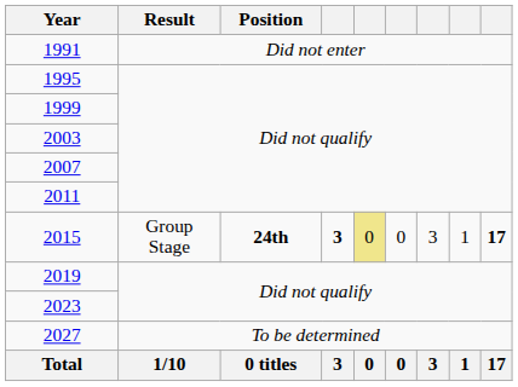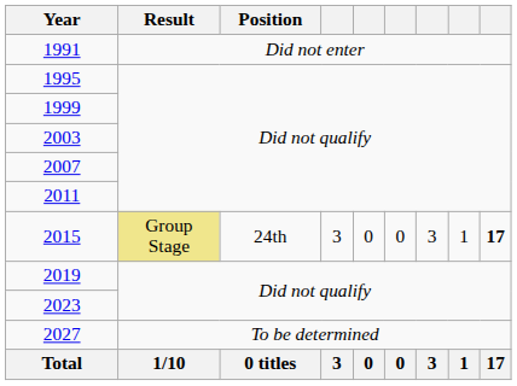 <table class="wikitable" style="text-align: center;">
 <tr>
 <th width="90">Year</th>
 <th width="80">Result</th>
 <th width="80">Position</th>
 <th width="20"></th>
 <th width="20"></th>
 <th width="20"></th>
 <th width="20"></th>
 <th width="20"></th>
 <th width="20"></th>
 </tr>
 <tr>
 <td> <a href='#'>1991</a></td>
 <td colspan=8><em>Did not enter</em></td>
 </tr>
 <tr>
 <td> <a href='#'>1995</a></td>
 <td rowspan=5 colspan=8><em>Did not qualify</em></td>
 </tr>
 <tr>
 <td> <a href='#'>1999</a></td>
 </tr>
 <tr>
 <td> <a href='#'>2003</a></td>
 </tr>
 <tr>
 <td> <a href='#'>2007</a></td>
 </tr>
 <tr>
 <td> <a href='#'>2011</a></td>
 </tr>
 <tr>
 <td> <a href='#'>2015</a></td>
-<td>Group Stage</td>
-<td><strong>24th</strong></td>
-<td><strong>3</strong></td>
-<td style="background: khaki;">0</td>
+<td style="background: khaki;">Group Stage</td>
+<td>24th</td>
+<td>3</td>
+<td>0</td>
 <td>0</td>
 <td>3</td>
 <td>1</td>
 <td><strong>17</strong></td>
 </tr>
 <tr>
 <td> <a href='#'>2019</a></td>
 <td rowspan=2 colspan=8><em>Did not qualify</em></td>
 </tr>
 <tr>
 <td>  <a href='#'>2023</a></td>
 </tr>
 <tr>
 <td> <a href='#'>2027</a></td>
 <td colspan=8><em>To be determined</em></td>
 </tr>
 <tr>
 <th><strong>Total</strong></th>
 <th><strong>1/10</strong></th>
 <th><strong>0 titles</strong></th>
 <th><strong>3</strong></th>
 <th><strong>0</strong></th>
 <th><strong>0</strong></th>
 <th><strong>3</strong></th>
 <th><strong>1</strong></th>
 <th><strong>17</strong></th>
 </tr>
 </table>
